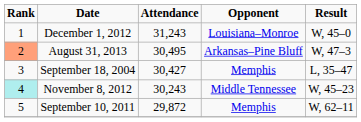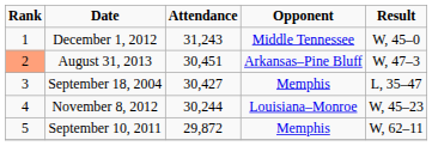 <table class="wikitable" style="text-align:center">
 <tr>
 <td><strong>Rank</strong></td>
 <td><strong>Date</strong></td>
 <td><strong>Attendance</strong></td>
 <td><strong>Opponent</strong></td>
 <td><strong>Result</strong></td>
 </tr>
 <tr>
 <td>1</td>
 <td>December 1, 2012</td>
 <td>31,243</td>
-<td><a href='#'>Louisiana–Monroe</a></td>
+<td><a href='#'>Middle Tennessee</a></td>
 <td>W, 45–0</td>
 </tr>
 <tr>
 <td style="background: lightsalmon;">2</td>
 <td>August 31, 2013</td>
-<td>30,495</td>
+<td>30,451</td>
 <td><a href='#'>Arkansas–Pine Bluff</a></td>
 <td>W, 47–3</td>
 </tr>
 <tr>
 <td>3</td>
 <td>September 18, 2004</td>
 <td>30,427</td>
 <td><a href='#'>Memphis</a></td>
 <td>L, 35–47</td>
 </tr>
 <tr>
-<td style="background: paleturquoise;">4</td>
+<td>4</td>
 <td>November 8, 2012</td>
-<td>30,243</td>
-<td><a href='#'>Middle Tennessee</a></td>
+<td>30,244</td>
+<td><a href='#'>Louisiana–Monroe</a></td>
 <td>W, 45–23</td>
 </tr>
 <tr>
 <td>5</td>
 <td>September 10, 2011</td>
 <td>29,872</td>
 <td><a href='#'>Memphis</a></td>
 <td>W, 62–11</td>
 </tr>
 <tr>
 </tr>
 </table>
